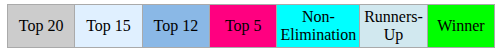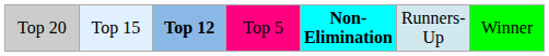 <table class="wikitable" style="margin:1em auto; text-align:center;">
 <tr>
 </tr>
 <tr>
 <td bgcolor="CCCCCC" width="60px">Top 20</td>
 <td bgcolor="E0F0FF" width="60px">Top 15</td>
-<td bgcolor="8AB8E6" width="60px">Top 12</td>
+<td bgcolor="8AB8E6" width="60px"><strong>Top 12</strong></td>
 <td bgcolor="#FF0080" width="60px">Top 5</td>
-<td bgcolor="00FFFF" width="60px">Non-Elimination</td>
+<td bgcolor="00FFFF" width="60px"><strong>Non-Elimination</strong></td>
 <td bgcolor="#D1E8EF"  width="60px">Runners-Up</td>
 <td bgcolor="lime" width="60px">Winner</td>
 </tr>
 </table>
